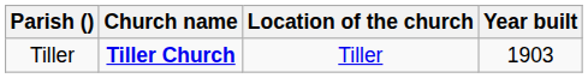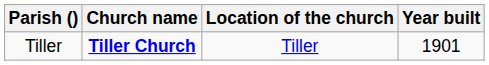 <table class="wikitable" style="text-align:center">
 <tr>
 <th>Parish ()</th>
 <th>Church name</th>
 <th>Location of the church</th>
 <th>Year built</th>
 </tr>
 <tr>
 <td rowspan="1">Tiller</td>
 <td><strong><a href='#'>Tiller Church</a></strong></td>
 <td><a href='#'>Tiller</a></td>
-<td>1903</td>
+<td>1901</td>
 </tr>
 </table>
